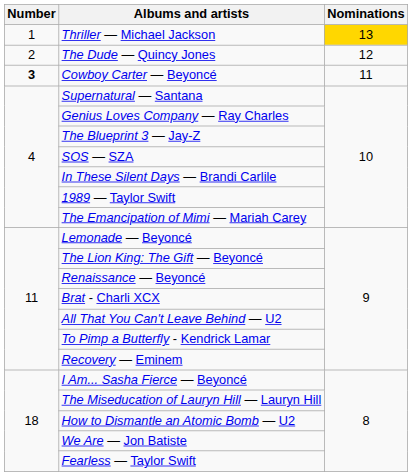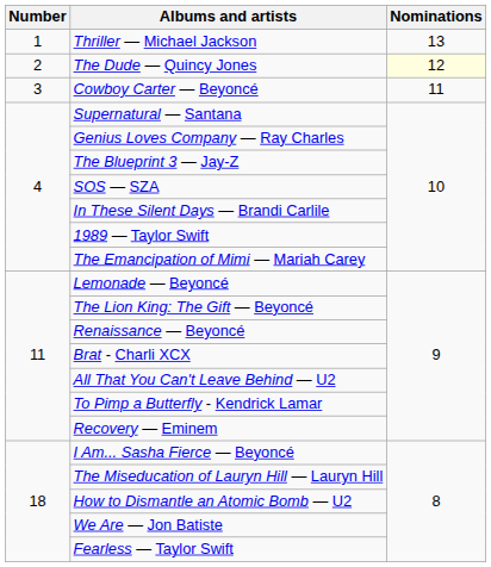 <table class="wikitable" style="text-align: center; cellpadding: 2;">
 <tr>
 <th>Number</th>
 <th>Albums and artists</th>
 <th>Nominations</th>
 </tr>
 <tr>
 <td>1</td>
 <td style="text-align: left;"><em><a href='#'>Thriller</a></em> — <a href='#'>Michael Jackson</a></td>
-<td style="background: gold;">13</td>
+<td>13</td>
 </tr>
 <tr>
 <td>2</td>
 <td style="text-align: left;"><em><a href='#'>The Dude</a></em> — <a href='#'>Quincy Jones</a></td>
-<td>12</td>
+<td style="background: lightyellow;">12</td>
 </tr>
 <tr>
-<td><strong>3</strong></td>
+<td>3</td>
 <td style="text-align: left;"><em><a href='#'>Cowboy Carter</a></em> — <a href='#'>Beyoncé</a></td>
 <td>11</td>
 </tr>
 <tr>
 <td rowspan="7">4</td>
 <td style="text-align: left;"><em><a href='#'>Supernatural</a></em> — <a href='#'>Santana</a></td>
 <td rowspan="7">10</td>
 </tr>
 <tr>
 <td style="text-align: left;"><em><a href='#'>Genius Loves Company</a></em> — <a href='#'>Ray Charles</a></td>
 </tr>
 <tr>
 <td style="text-align: left;"><em><a href='#'>The Blueprint 3</a></em> — <a href='#'>Jay-Z</a></td>
 </tr>
 <tr>
 <td style="text-align: left;"><em><a href='#'>SOS</a></em> — <a href='#'>SZA</a></td>
 </tr>
 <tr>
 <td style="text-align: left;"><em><a href='#'>In These Silent Days</a></em> — <a href='#'>Brandi Carlile</a></td>
 </tr>
 <tr>
 <td style="text-align: left;"><em><a href='#'>1989</a></em> — <a href='#'>Taylor Swift</a></td>
 </tr>
 <tr>
 <td style="text-align: left;"><em><a href='#'>The Emancipation of Mimi</a></em> — <a href='#'>Mariah Carey</a></td>
 </tr>
 <tr>
 <td rowspan="7">11</td>
 <td style="text-align: left;"><em><a href='#'>Lemonade</a></em> — <a href='#'>Beyoncé</a></td>
 <td rowspan="7">9</td>
 </tr>
 <tr>
 <td style="text-align: left;"><em><a href='#'>The Lion King: The Gift</a></em> — <a href='#'>Beyoncé</a></td>
 </tr>
 <tr>
 <td style="text-align: left;"><em><a href='#'>Renaissance</a></em> — <a href='#'>Beyoncé</a></td>
 </tr>
 <tr>
 <td style="text-align: left;"><em><a href='#'>Brat</a></em> - <a href='#'>Charli XCX</a></td>
 </tr>
 <tr>
 <td style="text-align: left;"><em><a href='#'>All That You Can't Leave Behind</a></em> — <a href='#'>U2</a></td>
 </tr>
 <tr>
 <td style="text-align: left;"><em><a href='#'>To Pimp a Butterfly</a></em> - <a href='#'>Kendrick Lamar</a></td>
 </tr>
 <tr>
 <td style="text-align: left;"><em><a href='#'>Recovery</a></em> — <a href='#'>Eminem</a></td>
 </tr>
 <tr>
 <td rowspan="5">18</td>
 <td style="text-align: left;"><em><a href='#'>I Am... Sasha Fierce</a></em> — <a href='#'>Beyoncé</a></td>
 <td rowspan="5">8</td>
 </tr>
 <tr>
 <td style="text-align: left;"><em><a href='#'>The Miseducation of Lauryn Hill</a></em> — <a href='#'>Lauryn Hill</a></td>
 </tr>
 <tr>
 <td style="text-align: left;"><em><a href='#'>How to Dismantle an Atomic Bomb</a></em> — <a href='#'>U2</a></td>
 </tr>
 <tr>
 <td style="text-align: left;"><em><a href='#'>We Are</a></em> — <a href='#'>Jon Batiste</a></td>
 </tr>
 <tr>
 <td style="text-align: left;"><em><a href='#'>Fearless</a></em> — <a href='#'>Taylor Swift</a></td>
 </tr>
 </table>
